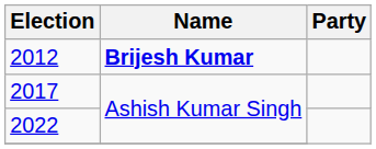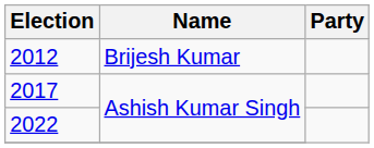 <table class="wikitable sortable">
 <tr>
 <th>Election</th>
 <th>Name</th>
 <th colspan=2>Party</th>
 </tr>
 <tr>
 <td><a href='#'>2012</a></td>
-<td><strong><a href='#'>Brijesh Kumar</a></strong></td>
+<td><a href='#'>Brijesh Kumar</a></td>
 <td></td>
 </tr>
 <tr>
 <td><a href='#'>2017</a></td>
 <td rowspan=2><a href='#'>Ashish Kumar Singh</a></td>
 <td></td>
 </tr>
 <tr>
 <td><a href='#'>2022</a></td>
 </tr>
 <tr>
 </tr>
 </table>
